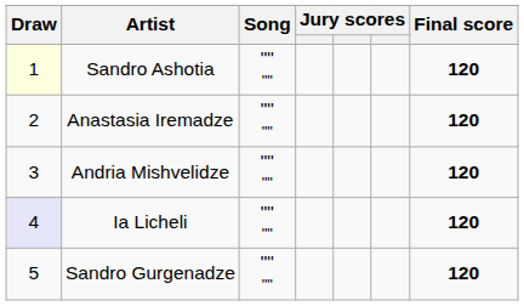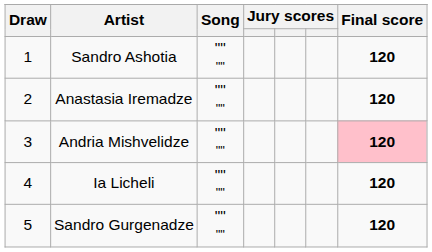 <table class="sortable wikitable" style="text-align:center;margin:1em auto 1em auto">
 <tr>
 </tr>
 <tr>
 <th rowspan=2>Draw</th>
 <th rowspan=2>Artist</th>
 <th rowspan=2>Song</th>
 <th colspan="3">Jury scores</th>
 <th rowspan=2>Final score</th>
 </tr>
 <tr>
 <th><small></small></th>
 <th><small></small></th>
 <th><small></small></th>
 </tr>
 <tr>
-<td style="background: lightyellow;">1</td>
+<td>1</td>
 <td>Sandro Ashotia</td>
 <td>""<br><small>""</small></td>
 <td colspan="1"></td>
 <td colspan="1"></td>
 <td colspan="1"></td>
 <td><strong>120</strong></td>
 </tr>
 <tr>
 <td>2</td>
 <td>Anastasia Iremadze</td>
 <td>""<br><small>""</small></td>
 <td colspan="1"></td>
 <td colspan="1"></td>
 <td colspan="1"></td>
 <td><strong>120</strong></td>
 </tr>
 <tr>
 <td>3</td>
 <td>Andria Mishvelidze</td>
 <td>""<br><small>""</small></td>
 <td colspan="1"></td>
 <td colspan="1"></td>
 <td colspan="1"></td>
-<td><strong>120</strong></td>
+<td style="background: pink;"><strong>120</strong></td>
 </tr>
 <tr>
-<td style="background: lavender;">4</td>
+<td>4</td>
 <td>Ia Licheli</td>
 <td>""<br><small>""</small></td>
 <td colspan="1"></td>
 <td colspan="1"></td>
 <td colspan="1"></td>
 <td><strong>120</strong></td>
 </tr>
 <tr>
 <td>5</td>
 <td>Sandro Gurgenadze</td>
 <td>""<br><small>""</small></td>
 <td colspan="1"></td>
 <td colspan="1"></td>
 <td colspan="1"></td>
 <td><strong>120</strong></td>
 </tr>
 </table>
